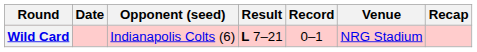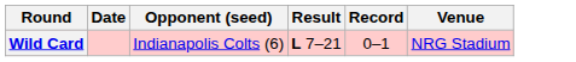 <table class="wikitable" style="text-align:center">
 <tr>
 <th>Round</th>
 <th>Date</th>
 <th>Opponent (seed)</th>
 <th>Result</th>
 <th>Record</th>
 <th>Venue</th>
-<th>Recap</th>
 </tr>
 <tr style="background:#fcc">
 <th><a href='#'>Wild Card</a></th>
 <td></td>
 <td><a href='#'>Indianapolis Colts</a> (6)</td>
 <td><strong>L</strong> 7–21</td>
 <td>0–1</td>
 <td><a href='#'>NRG Stadium</a></td>
-<td></td>
 </tr>
 </table>
